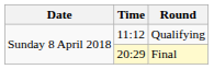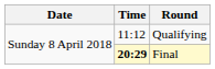 <table class="wikitable">
 <tr>
 <th>Date</th>
 <th>Time</th>
 <th>Round</th>
 </tr>
 <tr>
 <td rowspan=2>Sunday 8 April 2018</td>
 <td>11:12</td>
 <td>Qualifying</td>
 </tr>
 <tr>
-<td style=background:lemonchiffon>20:29</td>
+<td style=background:lemonchiffon><strong>20:29</strong></td>
 <td style=background:lemonchiffon>Final</td>
 </tr>
 </table>
